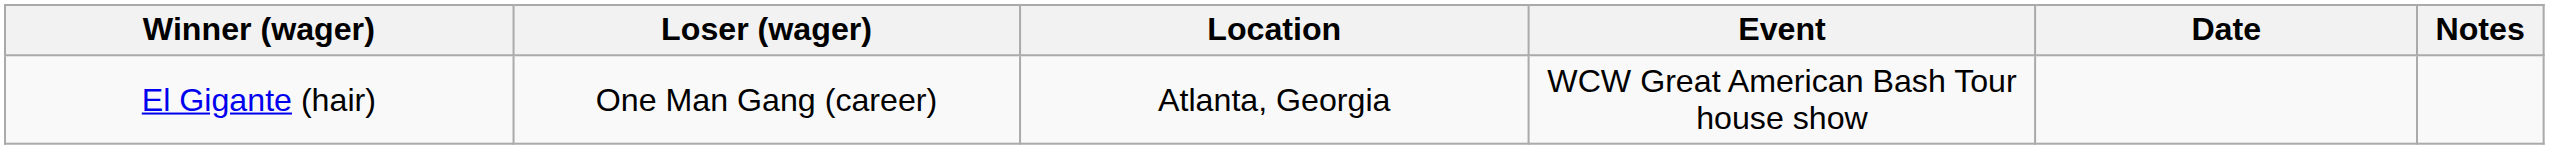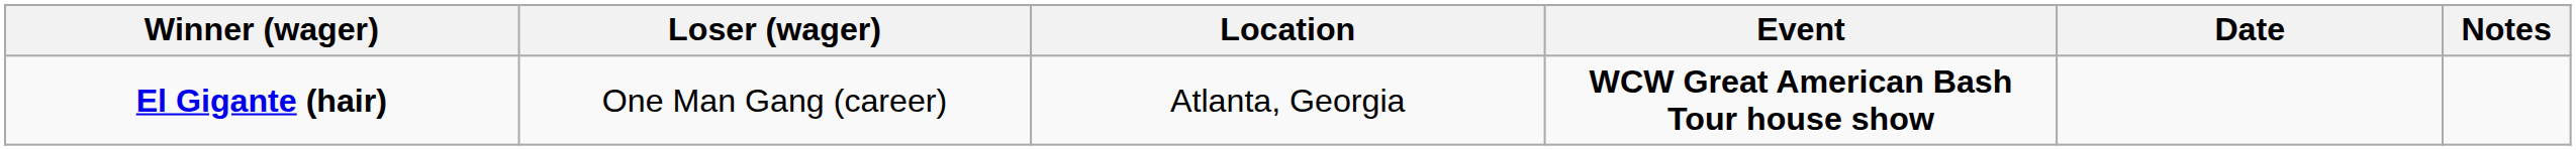 <table class="wikitable sortable" width=100% style="text-align: center">
 <tr>
 <th width=20% scope="col">Winner (wager)</th>
 <th width=20% scope="col">Loser (wager)</th>
 <th width=20% scope="col">Location</th>
 <th width=20% scope="col">Event</th>
 <th width=15% scope="col">Date</th>
 <th class="unsortable" width=5% scope="col">Notes</th>
 </tr>
 <tr>
-<td><a href='#'>El Gigante</a> (hair)</td>
+<td><strong><a href='#'>El Gigante</a> (hair)</strong></td>
 <td>One Man Gang (career)</td>
 <td>Atlanta, Georgia</td>
-<td>WCW Great American Bash Tour house show</td>
+<td><strong>WCW Great American Bash Tour house show</strong></td>
 <td></td>
 <td></td>
 </tr>
 </table>
